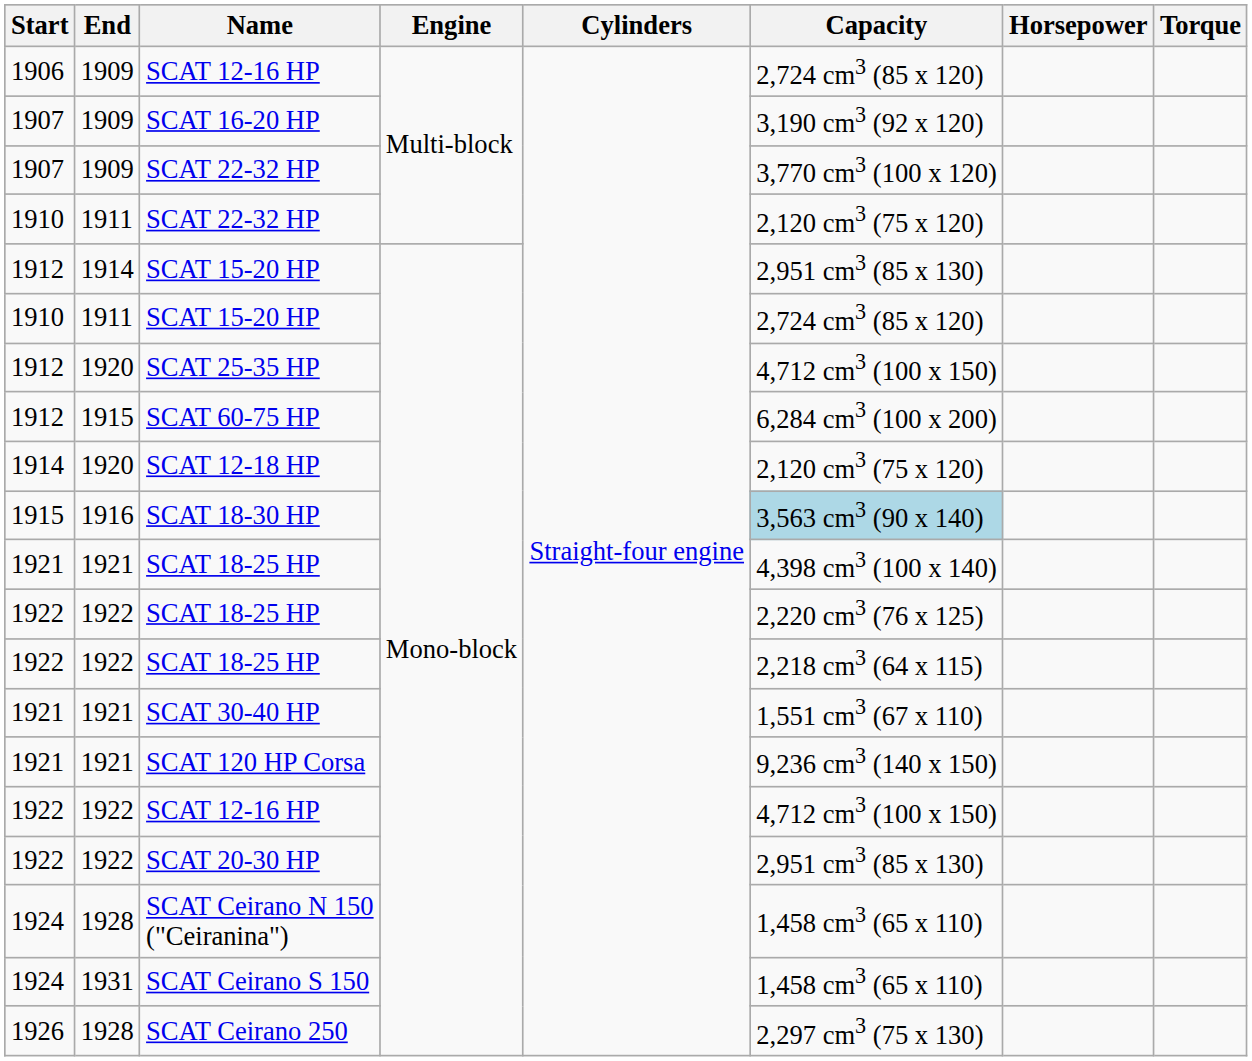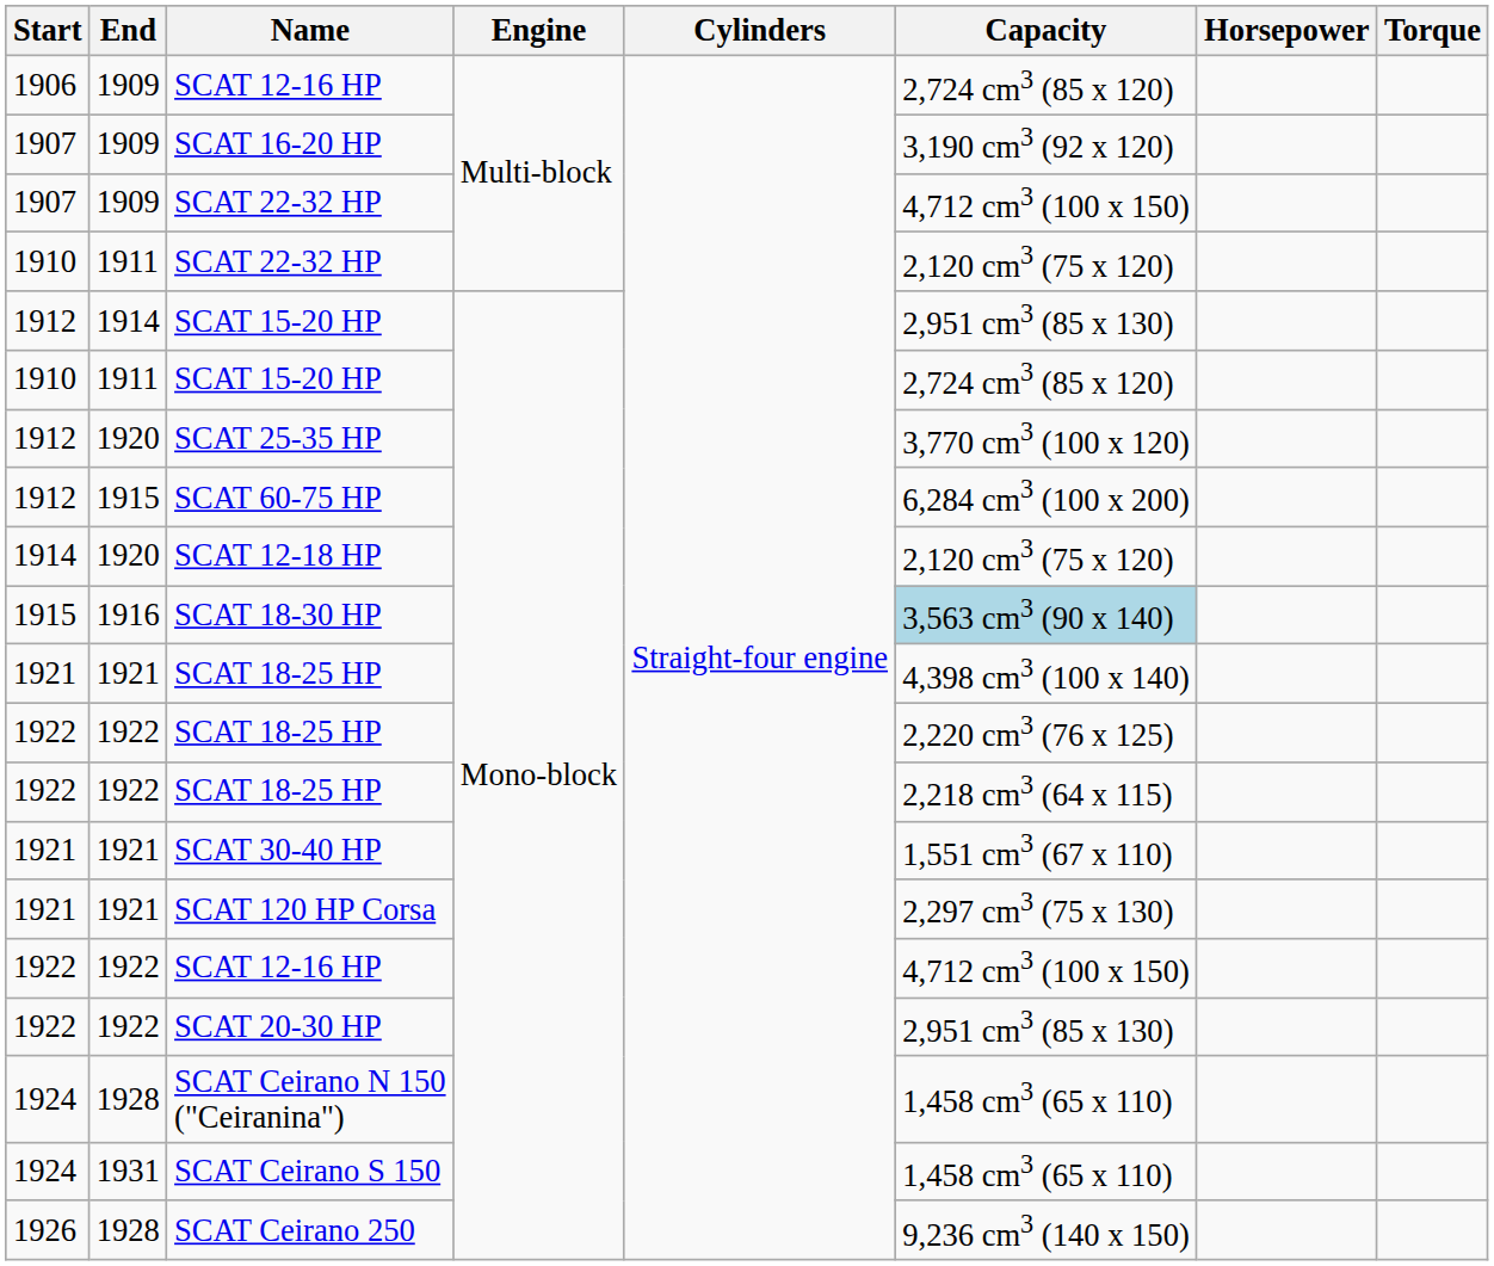 <table class="wikitable sortable">
 <tr>
 <th>Start</th>
 <th>End</th>
 <th>Name</th>
 <th>Engine</th>
 <th>Cylinders</th>
 <th>Capacity</th>
 <th>Horsepower</th>
 <th>Torque</th>
 </tr>
 <tr>
 <td>1906</td>
 <td>1909</td>
 <td><a href='#'>SCAT 12-16 HP</a></td>
 <td rowspan="4">Multi-block</td>
 <td rowspan="20"><a href='#'>Straight-four engine</a></td>
 <td>2,724 cm<sup>3</sup> (85 x 120)</td>
 <td></td>
 <td></td>
 </tr>
 <tr>
 <td>1907</td>
 <td>1909</td>
 <td><a href='#'>SCAT 16-20 HP</a></td>
 <td>3,190 cm<sup>3</sup> (92 x 120)</td>
 <td></td>
 <td></td>
 </tr>
 <tr>
 <td>1907</td>
 <td>1909</td>
 <td><a href='#'>SCAT 22-32 HP</a></td>
-<td>3,770 cm<sup>3</sup> (100 x 120)</td>
+<td>4,712 cm<sup>3</sup> (100 x 150)</td>
 <td></td>
 <td></td>
 </tr>
 <tr>
 <td>1910</td>
 <td>1911</td>
 <td><a href='#'>SCAT 22-32 HP</a></td>
 <td>2,120 cm<sup>3</sup> (75 x 120)</td>
 <td></td>
 <td></td>
 </tr>
 <tr>
 <td>1912</td>
 <td>1914</td>
 <td><a href='#'>SCAT 15-20 HP</a></td>
 <td rowspan="16">Mono-block</td>
 <td>2,951 cm<sup>3</sup> (85 x 130)</td>
 <td></td>
 <td></td>
 </tr>
 <tr>
 <td>1910</td>
 <td>1911</td>
 <td><a href='#'>SCAT 15-20 HP</a></td>
 <td>2,724 cm<sup>3</sup> (85 x 120)</td>
 <td></td>
 <td></td>
 </tr>
 <tr>
 <td>1912</td>
 <td>1920</td>
 <td><a href='#'>SCAT 25-35 HP</a></td>
-<td>4,712 cm<sup>3</sup> (100 x 150)</td>
+<td>3,770 cm<sup>3</sup> (100 x 120)</td>
 <td></td>
 <td></td>
 </tr>
 <tr>
 <td>1912</td>
 <td>1915</td>
 <td><a href='#'>SCAT 60-75 HP</a></td>
 <td>6,284 cm<sup>3</sup> (100 x 200)</td>
 <td></td>
 <td></td>
 </tr>
 <tr>
 <td>1914</td>
 <td>1920</td>
 <td><a href='#'>SCAT 12-18 HP</a></td>
 <td>2,120 cm<sup>3</sup> (75 x 120)</td>
 <td></td>
 <td></td>
 </tr>
 <tr>
 <td>1915</td>
 <td>1916</td>
 <td><a href='#'>SCAT 18-30 HP</a></td>
 <td style="background: lightblue;">3,563 cm<sup>3</sup> (90 x 140)</td>
 <td></td>
 <td></td>
 </tr>
 <tr>
 <td>1921</td>
 <td>1921</td>
 <td><a href='#'>SCAT 18-25 HP</a></td>
 <td>4,398 cm<sup>3</sup> (100 x 140)</td>
 <td></td>
 <td></td>
 </tr>
 <tr>
 <td>1922</td>
 <td>1922</td>
 <td><a href='#'>SCAT 18-25 HP</a></td>
 <td>2,220 cm<sup>3</sup> (76 x 125)</td>
 <td></td>
 <td></td>
 </tr>
 <tr>
 <td>1922</td>
 <td>1922</td>
 <td><a href='#'>SCAT 18-25 HP</a></td>
 <td>2,218 cm<sup>3</sup> (64 x 115)</td>
 <td></td>
 <td></td>
 </tr>
 <tr>
 <td>1921</td>
 <td>1921</td>
 <td><a href='#'>SCAT 30-40 HP</a></td>
 <td>1,551 cm<sup>3</sup> (67 x 110)</td>
 <td></td>
 <td></td>
 </tr>
 <tr>
 <td>1921</td>
 <td>1921</td>
 <td><a href='#'>SCAT 120 HP Corsa</a></td>
-<td>9,236 cm<sup>3</sup> (140 x 150)</td>
+<td>2,297 cm<sup>3</sup> (75 x 130)</td>
 <td></td>
 <td></td>
 </tr>
 <tr>
 <td>1922</td>
 <td>1922</td>
 <td><a href='#'>SCAT 12-16 HP</a></td>
 <td>4,712 cm<sup>3</sup> (100 x 150)</td>
 <td></td>
 <td></td>
 </tr>
 <tr>
 <td>1922</td>
 <td>1922</td>
 <td><a href='#'>SCAT 20-30 HP</a></td>
 <td>2,951 cm<sup>3</sup> (85 x 130)</td>
 <td></td>
 <td></td>
 </tr>
 <tr>
 <td>1924</td>
 <td>1928</td>
 <td><a href='#'>SCAT Ceirano N 150</a><br>("Ceiranina")</td>
 <td>1,458 cm<sup>3</sup> (65 x 110)</td>
 <td></td>
 <td></td>
 </tr>
 <tr>
 <td>1924</td>
 <td>1931</td>
 <td><a href='#'>SCAT Ceirano S 150</a></td>
 <td>1,458 cm<sup>3</sup> (65 x 110)</td>
 <td></td>
 <td></td>
 </tr>
 <tr>
 <td>1926</td>
 <td>1928</td>
 <td><a href='#'>SCAT Ceirano 250</a></td>
-<td>2,297 cm<sup>3</sup> (75 x 130)</td>
+<td>9,236 cm<sup>3</sup> (140 x 150)</td>
 <td></td>
 <td></td>
 </tr>
 </table>
